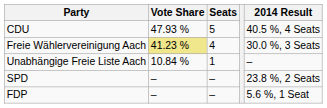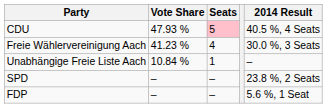 <table class="wikitable">
 <tr>
 <th>Party</th>
 <th>Vote Share</th>
 <th>Seats</th>
 <th rowspan="6"></th>
 <th>2014 Result</th>
 </tr>
 <tr>
 <td>CDU</td>
 <td>47.93 %</td>
-<td>5</td>
+<td style="background: pink;">5</td>
 <td>40.5 %, 4 Seats</td>
 </tr>
 <tr>
 <td>Freie Wählervereinigung Aach</td>
-<td style="background: khaki;">41.23 %</td>
+<td>41.23 %</td>
 <td>4</td>
 <td>30.0 %, 3 Seats</td>
 </tr>
 <tr>
 <td>Unabhängige Freie Liste Aach</td>
 <td>10.84 %</td>
 <td>1</td>
 <td>–</td>
 </tr>
 <tr>
 <td>SPD</td>
 <td>–</td>
 <td>–</td>
 <td>23.8 %, 2 Seats</td>
 </tr>
 <tr>
 <td>FDP</td>
 <td>–</td>
 <td>–</td>
 <td>5.6 %, 1 Seat</td>
 </tr>
 </table>
